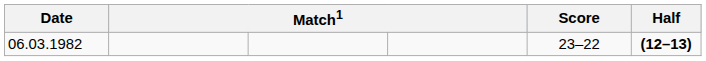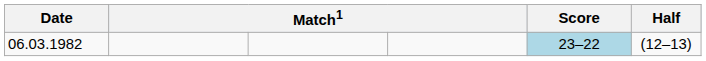 <table width=750 class="wikitable">
 <tr bgcolor="lightsteelblue">
 <th width=15%>Date</th>
 <th width=60% colspan=3>Match<sup>1</sup></th>
 <th width=15%>Score</th>
 <th>Half</th>
 </tr>
 <tr>
 <td>06.03.1982</td>
 <td align=right></td>
 <td></td>
 <td></td>
-<td align=center>23–22</td>
-<td align=center><strong>(12–13)</strong></td>
+<td align=center style="background: lightblue;">23–22</td>
+<td align=center>(12–13)</td>
 </tr>
 </table>
